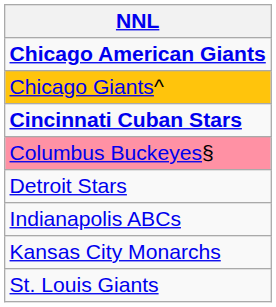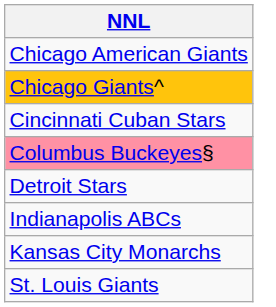 <table class="wikitable" style="font-size:100%;line-height:1.1;">
 <tr>
 <th><a href='#'>NNL</a></th>
 </tr>
 <tr>
-<td><strong><a href='#'>Chicago American Giants</a></strong></td>
+<td><a href='#'>Chicago American Giants</a></td>
 </tr>
 <tr>
 <td style="background-color: #FFC40C;"><a href='#'>Chicago Giants</a>^</td>
 </tr>
 <tr>
-<td><strong><a href='#'>Cincinnati Cuban Stars</a></strong></td>
+<td><a href='#'>Cincinnati Cuban Stars</a></td>
 </tr>
 <tr>
 <td style="background-color: #FF91A4;"><a href='#'>Columbus Buckeyes</a>§</td>
 </tr>
 <tr>
 <td><a href='#'>Detroit Stars</a></td>
 </tr>
 <tr>
 <td><a href='#'>Indianapolis ABCs</a></td>
 </tr>
 <tr>
 <td><a href='#'>Kansas City Monarchs</a></td>
 </tr>
 <tr>
 <td><a href='#'>St. Louis Giants</a></td>
 </tr>
 </table>
